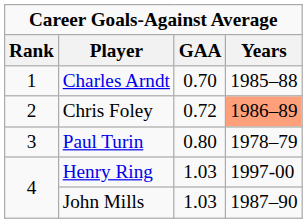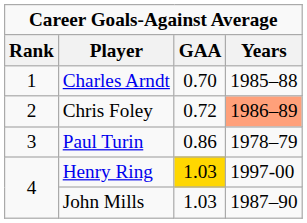 <table class="wikitable">
 <tr>
 <td colspan="4" style="text-align:center;" ><strong>Career Goals-Against Average</strong></td>
 </tr>
 <tr>
 <th>Rank</th>
 <th>Player</th>
 <th>GAA</th>
 <th>Years</th>
 </tr>
 <tr>
 <td align=center>1</td>
 <td><a href='#'>Charles Arndt</a></td>
 <td align=center>0.70</td>
 <td>1985–88</td>
 </tr>
 <tr>
 <td align=center>2</td>
 <td>Chris Foley</td>
 <td align=center>0.72</td>
 <td style="background: lightsalmon;">1986–89</td>
 </tr>
 <tr>
 <td align=center>3</td>
 <td><a href='#'>Paul Turin</a></td>
-<td align=center>0.80</td>
+<td align=center>0.86</td>
 <td>1978–79</td>
 </tr>
 <tr>
 <td rowspan="2" style="text-align:center;">4</td>
 <td><a href='#'>Henry Ring</a></td>
-<td align=center>1.03</td>
+<td align=center style="background: gold;">1.03</td>
 <td>1997-00</td>
 </tr>
 <tr>
 <td>John Mills</td>
 <td align=center>1.03</td>
 <td>1987–90</td>
 </tr>
 </table>
